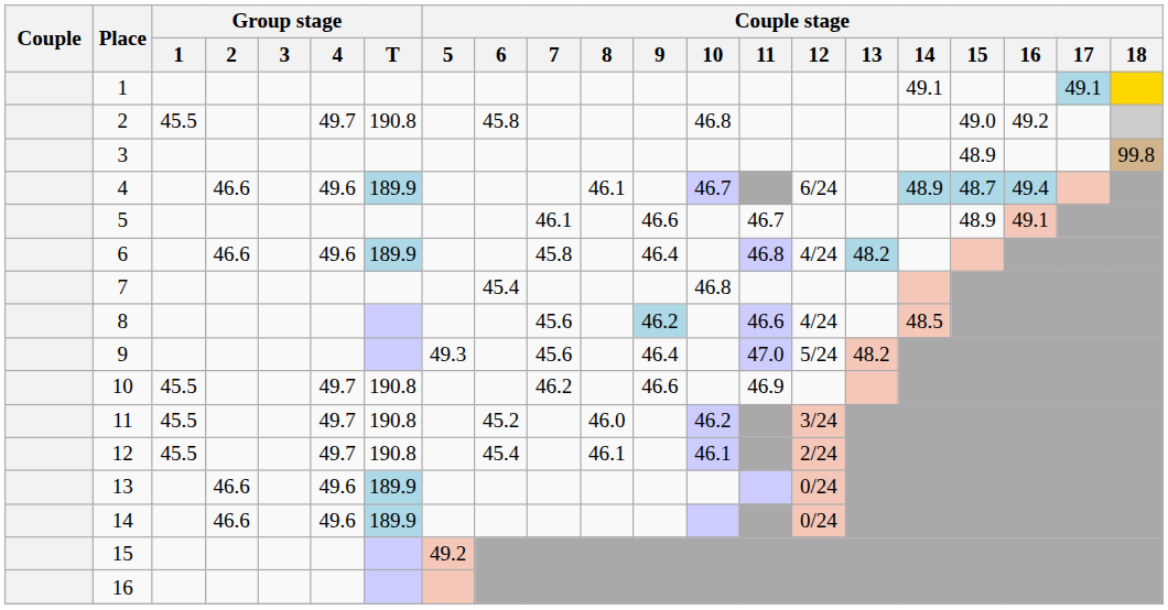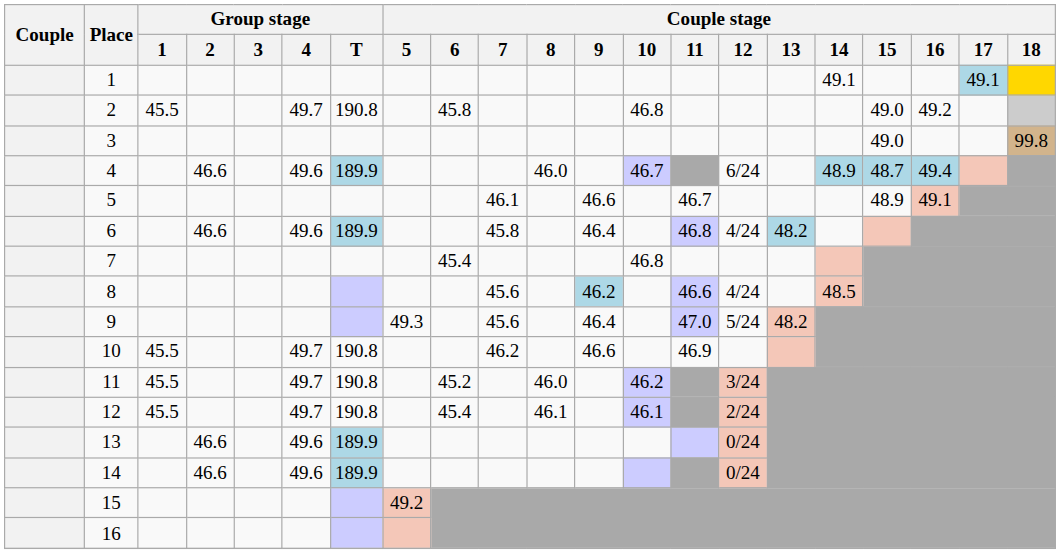 <table class="wikitable sortable"  style="margin:auto; text-align:center; white-space:nowrap; width:100%;">
 <tr>
 <th width="07.5%" rowspan=2>Couple</th>
 <th width="05.0%" rowspan=2>Place</th>
 <th colspan=05>Group stage</th>
 <th colspan=14>Couple stage</th>
 </tr>
 <tr>
 <th width="04.5%">1</th>
 <th width="04.5%">2</th>
 <th width="04.5%">3</th>
 <th width="04.5%">4</th>
 <th width="04.5%">T</th>
 <th width="04.5%">5</th>
 <th width="04.5%">6</th>
 <th width="04.5%">7</th>
 <th width="04.5%">8</th>
 <th width="04.5%">9</th>
 <th width="04.5%">10</th>
 <th width="04.5%">11</th>
 <th width="04.5%">12</th>
 <th width="04.5%">13</th>
 <th width="04.5%">14</th>
 <th width="04.5%">15</th>
 <th width="04.5%">16</th>
 <th width="04.5%">17</th>
 <th width="04.5%">18</th>
 </tr>
 <tr>
 <th></th>
 <td>1</td>
 <td></td>
 <td></td>
 <td></td>
 <td></td>
 <td></td>
 <td></td>
 <td></td>
 <td></td>
 <td></td>
 <td></td>
 <td></td>
 <td></td>
 <td></td>
 <td></td>
 <td>49.1</td>
 <td></td>
 <td></td>
 <td bgcolor=ADD8E6>49.1</td>
 <td bgcolor=FFD700></td>
 </tr>
 <tr>
 <th></th>
 <td>2</td>
 <td>45.5</td>
 <td></td>
 <td></td>
 <td>49.7</td>
 <td>190.8</td>
 <td></td>
 <td>45.8</td>
 <td></td>
 <td></td>
 <td></td>
 <td>46.8</td>
 <td></td>
 <td></td>
 <td></td>
 <td></td>
 <td>49.0</td>
 <td>49.2</td>
 <td></td>
 <td bgcolor=CCCCCC></td>
 </tr>
 <tr>
 <th></th>
 <td>3</td>
 <td></td>
 <td></td>
 <td></td>
 <td></td>
 <td></td>
 <td></td>
 <td></td>
 <td></td>
 <td></td>
 <td></td>
 <td></td>
 <td></td>
 <td></td>
 <td></td>
 <td></td>
-<td>48.9</td>
+<td>49.0</td>
 <td></td>
 <td></td>
 <td bgcolor=D2B48C>99.8</td>
 </tr>
 <tr>
 <th></th>
 <td>4</td>
 <td></td>
 <td>46.6</td>
 <td></td>
 <td>49.6</td>
 <td bgcolor=ADD8E6>189.9</td>
 <td></td>
 <td></td>
 <td></td>
-<td>46.1</td>
+<td>46.0</td>
 <td></td>
 <td bgcolor=CCCCFF>46.7</td>
 <td bgcolor=A9A9A9></td>
 <td>6/24</td>
 <td></td>
 <td bgcolor=ADD8E6>48.9</td>
 <td bgcolor=ADD8E6>48.7</td>
 <td bgcolor=ADD8E6>49.4</td>
 <td bgcolor=F4C7B8></td>
 <td bgcolor=A9A9A9></td>
 </tr>
 <tr>
 <th></th>
 <td>5</td>
 <td></td>
 <td></td>
 <td></td>
 <td></td>
 <td></td>
 <td></td>
 <td></td>
 <td>46.1</td>
 <td></td>
 <td>46.6</td>
 <td></td>
 <td>46.7</td>
 <td></td>
 <td></td>
 <td></td>
 <td>48.9</td>
 <td bgcolor=F4C7B8>49.1</td>
 <td bgcolor=A9A9A9 colspan=2></td>
 </tr>
 <tr>
 <th></th>
 <td>6</td>
 <td></td>
 <td>46.6</td>
 <td></td>
 <td>49.6</td>
 <td bgcolor=ADD8E6>189.9</td>
 <td></td>
 <td></td>
 <td>45.8</td>
 <td></td>
 <td>46.4</td>
 <td></td>
 <td bgcolor=CCCCFF>46.8</td>
 <td>4/24</td>
 <td bgcolor=ADD8E6>48.2</td>
 <td></td>
 <td bgcolor=F4C7B8></td>
 <td bgcolor=A9A9A9 colspan=3></td>
 </tr>
 <tr>
 <th></th>
 <td>7</td>
 <td></td>
 <td></td>
 <td></td>
 <td></td>
 <td></td>
 <td></td>
 <td>45.4</td>
 <td></td>
 <td></td>
 <td></td>
 <td>46.8</td>
 <td></td>
 <td></td>
 <td></td>
 <td bgcolor=F4C7B8></td>
 <td bgcolor=A9A9A9 rowspan=2 colspan=4></td>
 </tr>
 <tr>
 <th></th>
 <td>8</td>
 <td></td>
 <td></td>
 <td></td>
 <td></td>
 <td bgcolor=CCCCFF></td>
 <td></td>
 <td></td>
 <td>45.6</td>
 <td></td>
 <td style="background: lightblue;">46.2</td>
 <td></td>
 <td bgcolor=CCCCFF>46.6</td>
 <td>4/24</td>
 <td></td>
 <td bgcolor=F4C7B8>48.5</td>
 </tr>
 <tr>
 <th></th>
 <td>9</td>
 <td></td>
 <td></td>
 <td></td>
 <td></td>
 <td bgcolor=CCCCFF></td>
 <td>49.3</td>
 <td></td>
 <td>45.6</td>
 <td></td>
 <td>46.4</td>
 <td></td>
 <td bgcolor=CCCCFF>47.0</td>
 <td>5/24</td>
 <td bgcolor=F4C7B8>48.2</td>
 <td bgcolor=A9A9A9 rowspan=2 colspan=5></td>
 </tr>
 <tr>
 <th></th>
 <td>10</td>
 <td>45.5</td>
 <td></td>
 <td></td>
 <td>49.7</td>
 <td>190.8</td>
 <td></td>
 <td></td>
 <td>46.2</td>
 <td></td>
 <td>46.6</td>
 <td></td>
 <td>46.9</td>
 <td></td>
 <td bgcolor=F4C7B8></td>
 </tr>
 <tr>
 <th></th>
 <td>11</td>
 <td>45.5</td>
 <td></td>
 <td></td>
 <td>49.7</td>
 <td>190.8</td>
 <td></td>
 <td>45.2</td>
 <td></td>
 <td>46.0</td>
 <td></td>
 <td bgcolor=CCCCFF>46.2</td>
 <td bgcolor=A9A9A9></td>
 <td bgcolor=F4C7B8>3/24</td>
 <td bgcolor=A9A9A9 rowspan=4 colspan=6></td>
 </tr>
 <tr>
 <th></th>
 <td>12</td>
 <td>45.5</td>
 <td></td>
 <td></td>
 <td>49.7</td>
 <td>190.8</td>
 <td></td>
 <td>45.4</td>
 <td></td>
 <td>46.1</td>
 <td></td>
 <td bgcolor=CCCCFF>46.1</td>
 <td bgcolor=A9A9A9></td>
 <td bgcolor=F4C7B8>2/24</td>
 </tr>
 <tr>
 <th></th>
 <td>13</td>
 <td></td>
 <td>46.6</td>
 <td></td>
 <td>49.6</td>
 <td bgcolor=ADD8E6>189.9</td>
 <td></td>
 <td></td>
 <td></td>
 <td></td>
 <td></td>
 <td></td>
 <td bgcolor=CCCCFF></td>
 <td bgcolor=F4C7B8>0/24</td>
 </tr>
 <tr>
 <th></th>
 <td>14</td>
 <td></td>
 <td>46.6</td>
 <td></td>
 <td>49.6</td>
 <td bgcolor=ADD8E6>189.9</td>
 <td></td>
 <td></td>
 <td></td>
 <td></td>
 <td></td>
 <td bgcolor=CCCCFF></td>
 <td bgcolor=A9A9A9></td>
 <td bgcolor=F4C7B8>0/24</td>
 </tr>
 <tr>
 <th></th>
 <td>15</td>
 <td></td>
 <td></td>
 <td></td>
 <td></td>
 <td bgcolor=CCCCFF></td>
 <td bgcolor=F4C7B8>49.2</td>
 <td bgcolor=A9A9A9 rowspan=2 colspan=13></td>
 </tr>
 <tr>
 <th></th>
 <td>16</td>
 <td></td>
 <td></td>
 <td></td>
 <td></td>
 <td bgcolor=CCCCFF></td>
 <td bgcolor=F4C7B8></td>
 </tr>
 <tr>
 </tr>
 </table>
